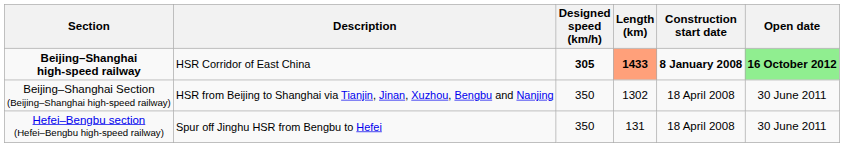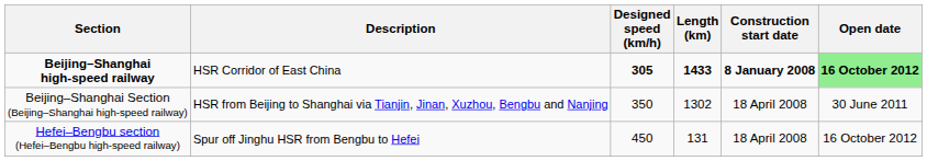 <table class="wikitable sortable"  style="text-align:center;">
 <tr>
 <th>Section</th>
 <th>Description</th>
 <th>Designed<br>speed<br>(km/h)</th>
 <th>Length<br>(km)</th>
 <th>Construction<br>start date</th>
 <th>Open date</th>
 </tr>
 <tr>
 <td style="font-size:100%;"><strong>Beijing–Shanghai<br>high-speed railway</strong></td>
 <td style="font-size:95%; text-align:left">HSR Corridor of East China</td>
 <td><strong>305</strong></td>
-<td style="background: lightsalmon;"><strong>1433</strong></td>
+<td><strong>1433</strong></td>
 <td><strong>8 January 2008</strong></td>
 <td style="background: lightgreen;"><strong>16 October 2012</strong></td>
 </tr>
 <tr>
 <td>Beijing–Shanghai Section<br><small>(Beijing–Shanghai high-speed railway)</small><br></td>
 <td style="font-size:95%; text-align:left">HSR from Beijing to Shanghai via <a href='#'>Tianjin</a>, <a href='#'>Jinan</a>, <a href='#'>Xuzhou</a>, <a href='#'>Bengbu</a> and <a href='#'>Nanjing</a></td>
 <td>350</td>
 <td>1302</td>
 <td>18 April 2008</td>
 <td>30 June 2011</td>
 </tr>
 <tr>
 <td><a href='#'>Hefei–Bengbu section</a><br><small>(Hefei–Bengbu high-speed railway)</small></td>
 <td style="font-size:95%; text-align:left">Spur off Jinghu HSR from Bengbu to <a href='#'>Hefei</a></td>
-<td>350</td>
+<td>450</td>
 <td>131</td>
 <td>18 April 2008</td>
-<td>30 June 2011</td>
+<td>16 October 2012</td>
 </tr>
 </table>
